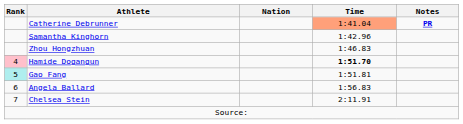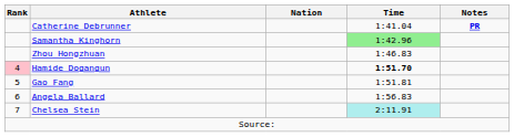 <table class="wikitable sortable" style="text-align:center;width: 60%;">
 <tr>
 <th scope="col" style="width: 10px;">Rank</th>
 <th scope="col">Athlete</th>
 <th scope="col">Nation</th>
 <th scope="col">Time</th>
 <th scope="col">Notes</th>
 </tr>
 <tr>
 <td></td>
 <td align=left><a href='#'>Catherine Debrunner</a></td>
 <td align=left></td>
-<td style="background: lightsalmon;">1:41.04</td>
+<td>1:41.04</td>
 <td><strong><a href='#'>PR</a></strong></td>
 </tr>
 <tr>
 <td></td>
 <td align=left><a href='#'>Samantha Kinghorn</a></td>
 <td align=left></td>
-<td>1:42.96</td>
+<td style="background: lightgreen;">1:42.96</td>
 <td></td>
 </tr>
 <tr>
 <td></td>
 <td align=left><a href='#'>Zhou Hongzhuan</a></td>
 <td align=left></td>
 <td>1:46.83</td>
 <td></td>
 </tr>
 <tr>
 <td style="background: pink;">4</td>
 <td align=left><a href='#'>Hamide Dogangun</a></td>
 <td align=left></td>
 <td><strong>1:51.70</strong></td>
 <td></td>
 </tr>
 <tr>
-<td style="background: paleturquoise;">5</td>
+<td>5</td>
 <td align=left><a href='#'>Gao Fang</a></td>
 <td align=left></td>
 <td>1:51.81</td>
 <td></td>
 </tr>
 <tr>
 <td>6</td>
 <td align=left><a href='#'>Angela Ballard</a></td>
 <td align=left></td>
 <td>1:56.83</td>
 <td></td>
 </tr>
 <tr>
 <td>7</td>
 <td align=left><a href='#'>Chelsea Stein</a></td>
 <td align=left></td>
-<td>2:11.91</td>
+<td style="background: paleturquoise;">2:11.91</td>
 <td></td>
 </tr>
 <tr class="sortbottom">
 <td colspan="5">Source:</td>
 </tr>
 </table>
